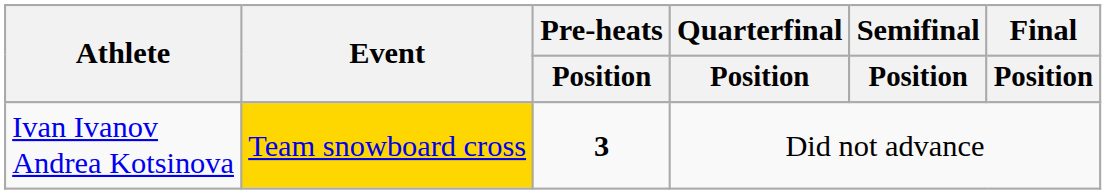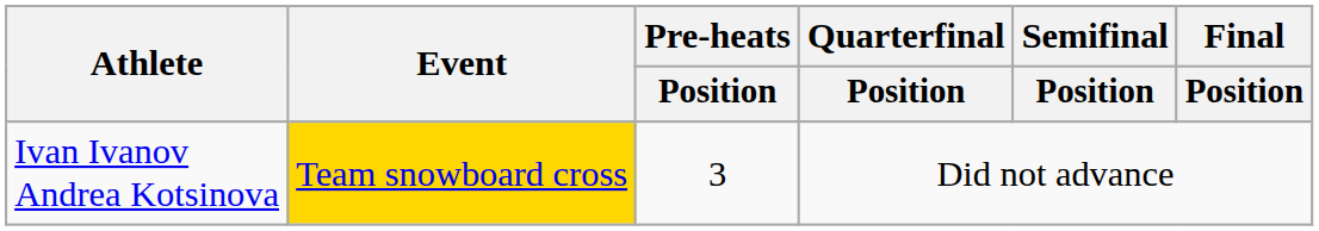 <table class="wikitable" style="font-size:90%">
 <tr>
 <th rowspan="2">Athlete</th>
 <th rowspan="2">Event</th>
 <th>Pre-heats</th>
 <th>Quarterfinal</th>
 <th>Semifinal</th>
 <th>Final</th>
 </tr>
 <tr style="font-size:95%">
 <th>Position</th>
 <th>Position</th>
 <th>Position</th>
 <th>Position</th>
 </tr>
 <tr align=center>
 <td align=left><a href='#'>Ivan Ivanov</a><br><a href='#'>Andrea Kotsinova</a></td>
 <td align=left style="background: gold;"><a href='#'>Team snowboard cross</a></td>
-<td><strong>3</strong></td>
+<td>3</td>
 <td colspan=3>Did not advance</td>
 </tr>
 </table>
